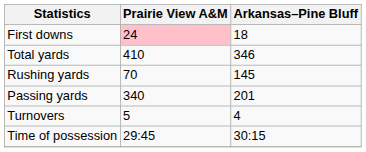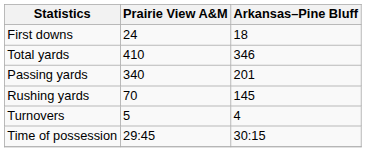 <table class="wikitable">
 <tr>
 <th>Statistics</th>
 <th>Prairie View A&M</th>
 <th>Arkansas–Pine Bluff</th>
 </tr>
 <tr>
 <td>First downs</td>
-<td style="background: pink;">24</td>
+<td>24</td>
 <td>18</td>
 </tr>
 <tr>
 <td>Total yards</td>
 <td>410</td>
 <td>346</td>
 </tr>
 <tr>
+<td>Passing yards</td>
+<td>340</td>
+<td>201</td>
+</tr>
+<tr>
 <td>Rushing yards</td>
 <td>70</td>
 <td>145</td>
-</tr>
-<tr>
-<td>Passing yards</td>
-<td>340</td>
-<td>201</td>
 </tr>
 <tr>
 <td>Turnovers</td>
 <td>5</td>
 <td>4</td>
 </tr>
 <tr>
 <td>Time of possession</td>
 <td>29:45</td>
 <td>30:15</td>
 </tr>
 <tr>
 </tr>
 </table>
